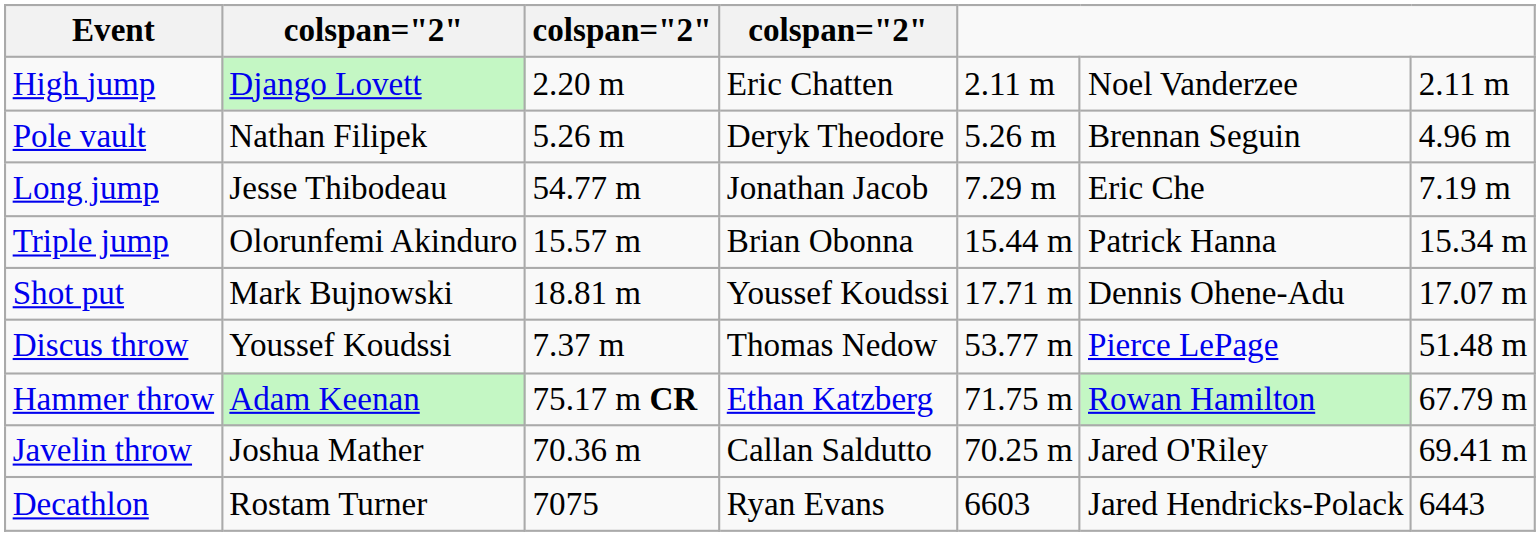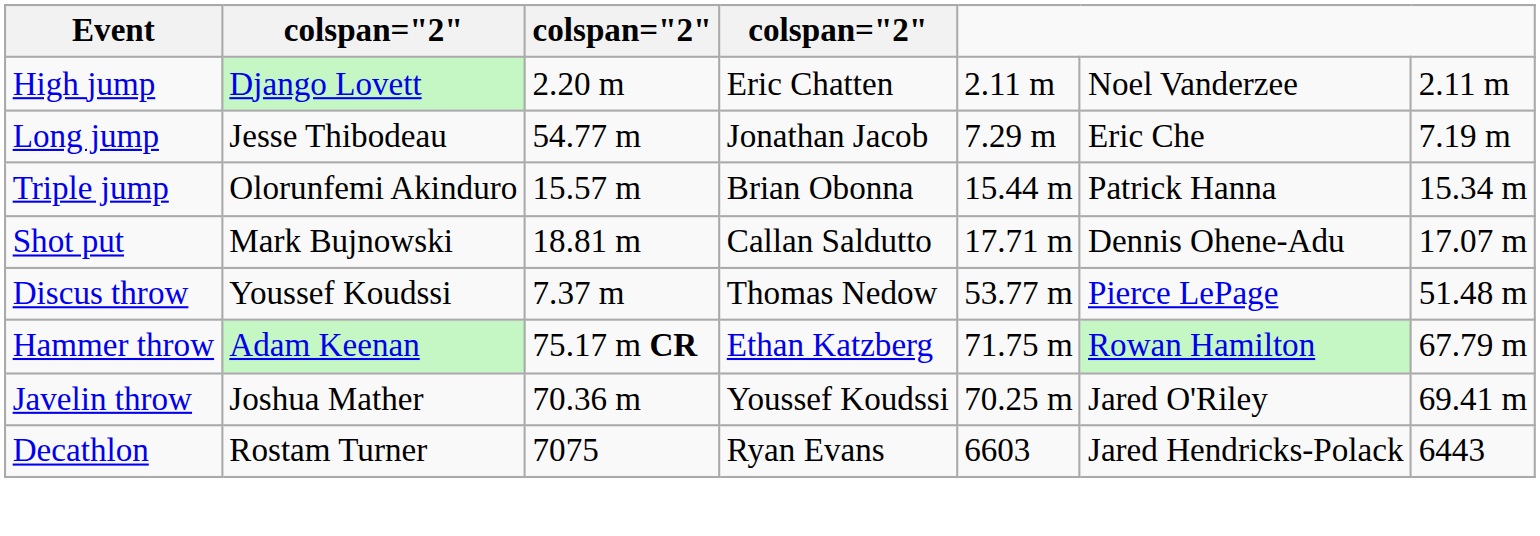 <table class="wikitable">
 <tr>
 <th>Event</th>
 <th>colspan="2" </th>
 <th>colspan="2" </th>
 <th>colspan="2" </th>
 </tr>
 <tr>
 <td><a href='#'>High jump</a></td>
 <td bgcolor=#C4F7C4><a href='#'>Django Lovett</a></td>
 <td>2.20 m</td>
 <td>Eric Chatten</td>
 <td>2.11 m</td>
 <td>Noel Vanderzee</td>
 <td>2.11 m</td>
-</tr>
-<tr>
-<td><a href='#'>Pole vault</a></td>
-<td>Nathan Filipek</td>
-<td>5.26 m</td>
-<td>Deryk Theodore</td>
-<td>5.26 m</td>
-<td>Brennan Seguin</td>
-<td>4.96 m</td>
 </tr>
 <tr>
 <td><a href='#'>Long jump</a></td>
 <td>Jesse Thibodeau</td>
 <td>54.77 m</td>
 <td>Jonathan Jacob</td>
 <td>7.29 m</td>
 <td>Eric Che</td>
 <td>7.19 m</td>
 </tr>
 <tr>
 <td><a href='#'>Triple jump</a></td>
 <td>Olorunfemi Akinduro</td>
 <td>15.57 m</td>
 <td>Brian Obonna</td>
 <td>15.44 m</td>
 <td>Patrick Hanna</td>
 <td>15.34 m</td>
 </tr>
 <tr>
 <td><a href='#'>Shot put</a></td>
 <td>Mark Bujnowski</td>
 <td>18.81 m</td>
-<td>Youssef Koudssi</td>
+<td>Callan Saldutto</td>
 <td>17.71 m</td>
 <td>Dennis Ohene-Adu</td>
 <td>17.07 m</td>
 </tr>
 <tr>
 <td><a href='#'>Discus throw</a></td>
 <td>Youssef Koudssi</td>
 <td>7.37 m</td>
 <td>Thomas Nedow</td>
 <td>53.77 m</td>
 <td><a href='#'>Pierce LePage</a></td>
 <td>51.48 m</td>
 </tr>
 <tr>
 <td><a href='#'>Hammer throw</a></td>
 <td bgcolor=#C4F7C4><a href='#'>Adam Keenan</a></td>
 <td>75.17 m <strong>CR</strong></td>
 <td><a href='#'>Ethan Katzberg</a></td>
 <td>71.75 m</td>
 <td bgcolor=#C4F7C4><a href='#'>Rowan Hamilton</a></td>
 <td>67.79 m</td>
 </tr>
 <tr>
 <td><a href='#'>Javelin throw</a></td>
 <td>Joshua Mather</td>
 <td>70.36 m</td>
-<td>Callan Saldutto</td>
+<td>Youssef Koudssi</td>
 <td>70.25 m</td>
 <td>Jared O'Riley</td>
 <td>69.41 m</td>
 </tr>
 <tr>
 <td><a href='#'>Decathlon</a></td>
 <td>Rostam Turner</td>
 <td>7075</td>
 <td>Ryan Evans</td>
 <td>6603</td>
 <td>Jared Hendricks-Polack</td>
 <td>6443</td>
 </tr>
 </table>
